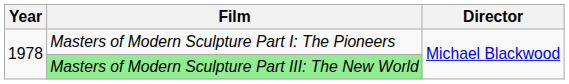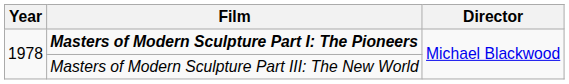 <table class="wikitable">
 <tr>
 <th>Year</th>
 <th>Film</th>
 <th>Director</th>
 </tr>
 <tr>
 <td rowspan=2>1978</td>
-<td><em>Masters of Modern Sculpture Part I: The Pioneers</em></td>
+<td><strong><em>Masters of Modern Sculpture Part I: The Pioneers</em></strong></td>
 <td rowspan=2><a href='#'>Michael Blackwood</a></td>
 </tr>
 <tr>
-<td style="background: lightgreen;"><em>Masters of Modern Sculpture Part III: The New World</em></td>
+<td><em>Masters of Modern Sculpture Part III: The New World</em></td>
 </tr>
 </table>
